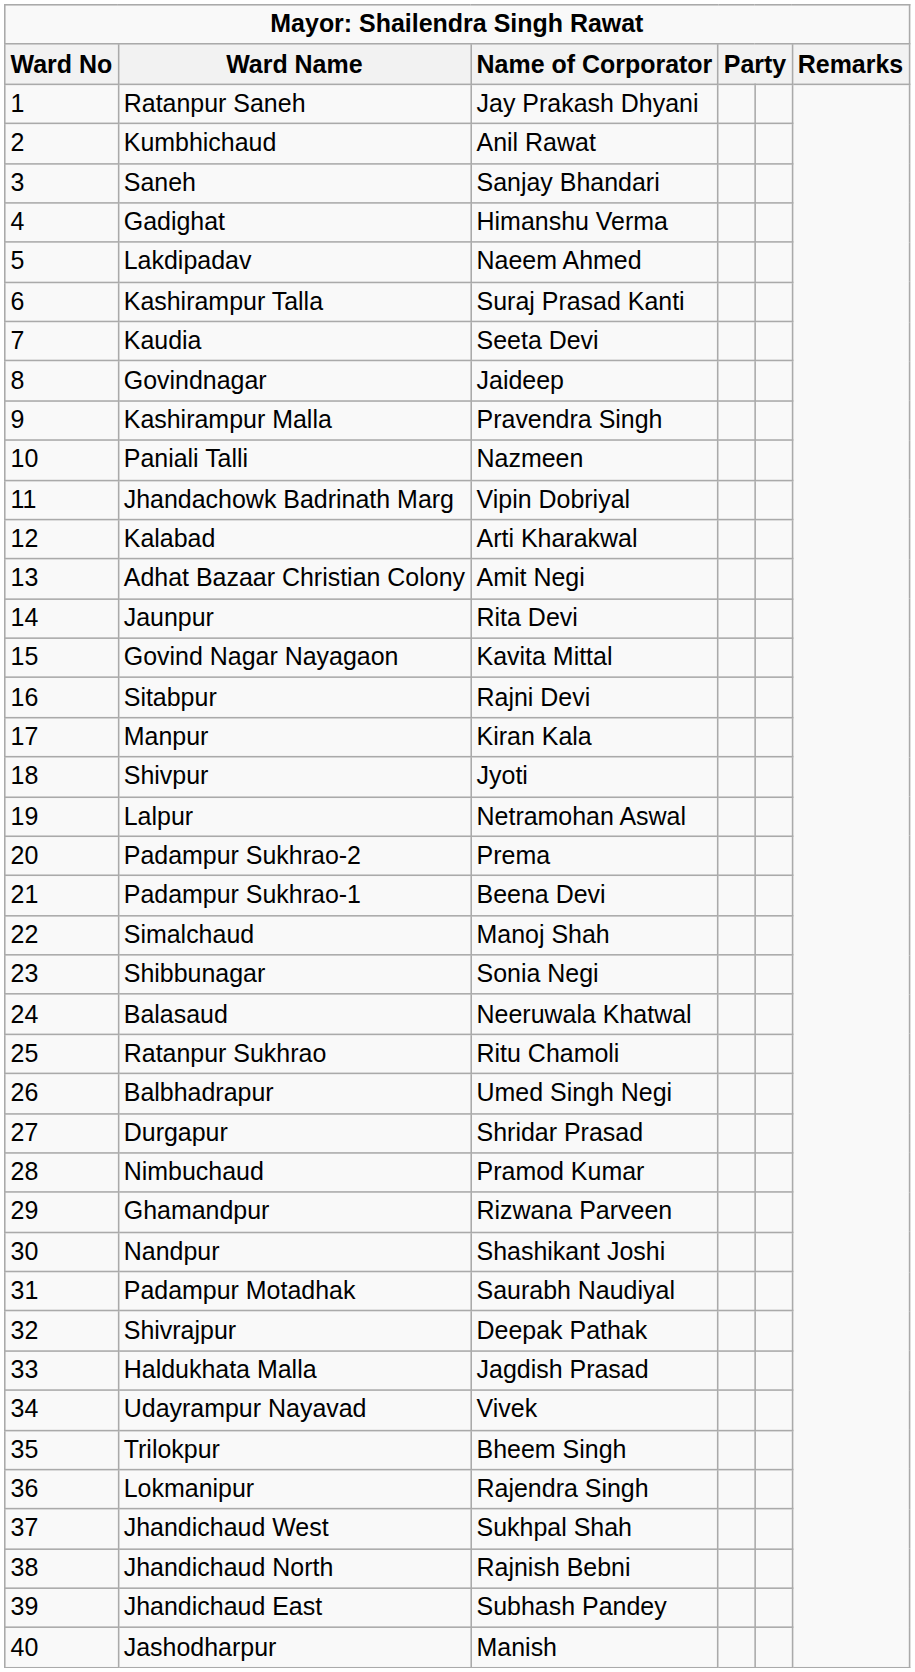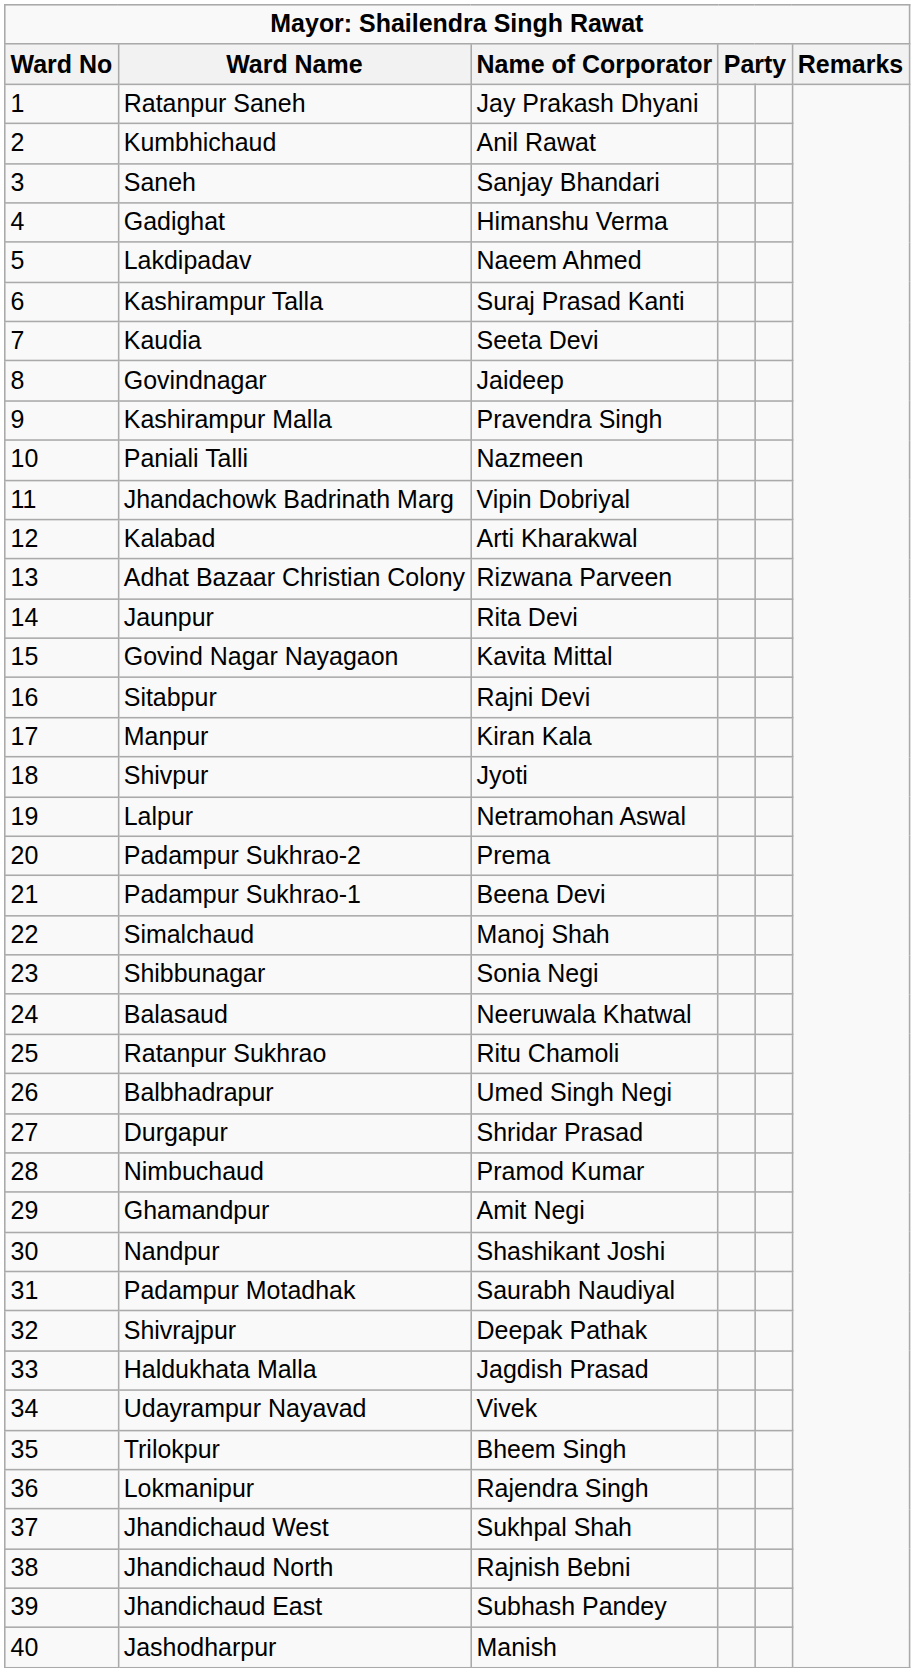 <table class="wikitable">
 <tr>
 <td colspan=6 align=center><span><strong>Mayor: Shailendra Singh Rawat</strong></span></td>
 </tr>
 <tr>
 <th>Ward No</th>
 <th>Ward Name</th>
 <th>Name of Corporator</th>
 <th colspan="2">Party</th>
 <th>Remarks</th>
 </tr>
 <tr>
 <td>1</td>
 <td>Ratanpur Saneh</td>
 <td>Jay Prakash Dhyani</td>
 <td></td>
 <td></td>
 </tr>
 <tr>
 <td>2</td>
 <td>Kumbhichaud</td>
 <td>Anil Rawat</td>
 <td></td>
 <td></td>
 </tr>
 <tr>
 <td>3</td>
 <td>Saneh</td>
 <td>Sanjay Bhandari</td>
 <td></td>
 <td></td>
 </tr>
 <tr>
 <td>4</td>
 <td>Gadighat</td>
 <td>Himanshu Verma</td>
 <td></td>
 <td></td>
 </tr>
 <tr>
 <td>5</td>
 <td>Lakdipadav</td>
 <td>Naeem Ahmed</td>
 <td></td>
 <td></td>
 </tr>
 <tr>
 <td>6</td>
 <td>Kashirampur Talla</td>
 <td>Suraj Prasad Kanti</td>
 <td></td>
 <td></td>
 </tr>
 <tr>
 <td>7</td>
 <td>Kaudia</td>
 <td>Seeta Devi</td>
 <td></td>
 <td></td>
 </tr>
 <tr>
 <td>8</td>
 <td>Govindnagar</td>
 <td>Jaideep</td>
 <td></td>
 <td></td>
 </tr>
 <tr>
 <td>9</td>
 <td>Kashirampur Malla</td>
 <td>Pravendra Singh</td>
 <td></td>
 <td></td>
 </tr>
 <tr>
 <td>10</td>
 <td>Paniali Talli</td>
 <td>Nazmeen</td>
 <td></td>
 <td></td>
 </tr>
 <tr>
 <td>11</td>
 <td>Jhandachowk Badrinath Marg</td>
 <td>Vipin Dobriyal</td>
 <td></td>
 <td></td>
 </tr>
 <tr>
 <td>12</td>
 <td>Kalabad</td>
 <td>Arti Kharakwal</td>
 <td></td>
 <td></td>
 </tr>
 <tr>
 <td>13</td>
 <td>Adhat Bazaar Christian Colony</td>
-<td>Amit Negi</td>
+<td>Rizwana Parveen</td>
 <td></td>
 <td></td>
 </tr>
 <tr>
 <td>14</td>
 <td>Jaunpur</td>
 <td>Rita Devi</td>
 <td></td>
 <td></td>
 </tr>
 <tr>
 <td>15</td>
 <td>Govind Nagar Nayagaon</td>
 <td>Kavita Mittal</td>
 <td></td>
 <td></td>
 </tr>
 <tr>
 <td>16</td>
 <td>Sitabpur</td>
 <td>Rajni Devi</td>
 <td></td>
 <td></td>
 </tr>
 <tr>
 <td>17</td>
 <td>Manpur</td>
 <td>Kiran Kala</td>
 <td></td>
 <td></td>
 </tr>
 <tr>
 <td>18</td>
 <td>Shivpur</td>
 <td>Jyoti</td>
 <td></td>
 <td></td>
 </tr>
 <tr>
 <td>19</td>
 <td>Lalpur</td>
 <td>Netramohan Aswal</td>
 <td></td>
 <td></td>
 </tr>
 <tr>
 <td>20</td>
 <td>Padampur Sukhrao-2</td>
 <td>Prema</td>
 <td></td>
 <td></td>
 </tr>
 <tr>
 <td>21</td>
 <td>Padampur Sukhrao-1</td>
 <td>Beena Devi</td>
 <td></td>
 <td></td>
 </tr>
 <tr>
 <td>22</td>
 <td>Simalchaud</td>
 <td>Manoj Shah</td>
 <td></td>
 <td></td>
 </tr>
 <tr>
 <td>23</td>
 <td>Shibbunagar</td>
 <td>Sonia Negi</td>
 <td></td>
 <td></td>
 </tr>
 <tr>
 <td>24</td>
 <td>Balasaud</td>
 <td>Neeruwala Khatwal</td>
 <td></td>
 <td></td>
 </tr>
 <tr>
 <td>25</td>
 <td>Ratanpur Sukhrao</td>
 <td>Ritu Chamoli</td>
 <td></td>
 <td></td>
 </tr>
 <tr>
 <td>26</td>
 <td>Balbhadrapur</td>
 <td>Umed Singh Negi</td>
 <td></td>
 <td></td>
 </tr>
 <tr>
 <td>27</td>
 <td>Durgapur</td>
 <td>Shridar Prasad</td>
 <td></td>
 <td></td>
 </tr>
 <tr>
 <td>28</td>
 <td>Nimbuchaud</td>
 <td>Pramod Kumar</td>
 <td></td>
 <td></td>
 </tr>
 <tr>
 <td>29</td>
 <td>Ghamandpur</td>
-<td>Rizwana Parveen</td>
+<td>Amit Negi</td>
 <td></td>
 <td></td>
 </tr>
 <tr>
 <td>30</td>
 <td>Nandpur</td>
 <td>Shashikant Joshi</td>
 <td></td>
 <td></td>
 </tr>
 <tr>
 <td>31</td>
 <td>Padampur Motadhak</td>
 <td>Saurabh Naudiyal</td>
 <td></td>
 <td></td>
 </tr>
 <tr>
 <td>32</td>
 <td>Shivrajpur</td>
 <td>Deepak Pathak</td>
 <td></td>
 <td></td>
 </tr>
 <tr>
 <td>33</td>
 <td>Haldukhata Malla</td>
 <td>Jagdish Prasad</td>
 <td></td>
 <td></td>
 </tr>
 <tr>
 <td>34</td>
 <td>Udayrampur Nayavad</td>
 <td>Vivek</td>
 <td></td>
 <td></td>
 </tr>
 <tr>
 <td>35</td>
 <td>Trilokpur</td>
 <td>Bheem Singh</td>
 <td></td>
 <td></td>
 </tr>
 <tr>
 <td>36</td>
 <td>Lokmanipur</td>
 <td>Rajendra Singh</td>
 <td></td>
 <td></td>
 </tr>
 <tr>
 <td>37</td>
 <td>Jhandichaud West</td>
 <td>Sukhpal Shah</td>
 <td></td>
 <td></td>
 </tr>
 <tr>
 <td>38</td>
 <td>Jhandichaud North</td>
 <td>Rajnish Bebni</td>
 <td></td>
 <td></td>
 </tr>
 <tr>
 <td>39</td>
 <td>Jhandichaud East</td>
 <td>Subhash Pandey</td>
 <td></td>
 <td></td>
 </tr>
 <tr>
 <td>40</td>
 <td>Jashodharpur</td>
 <td>Manish</td>
 <td></td>
 <td></td>
 </tr>
 </table>
